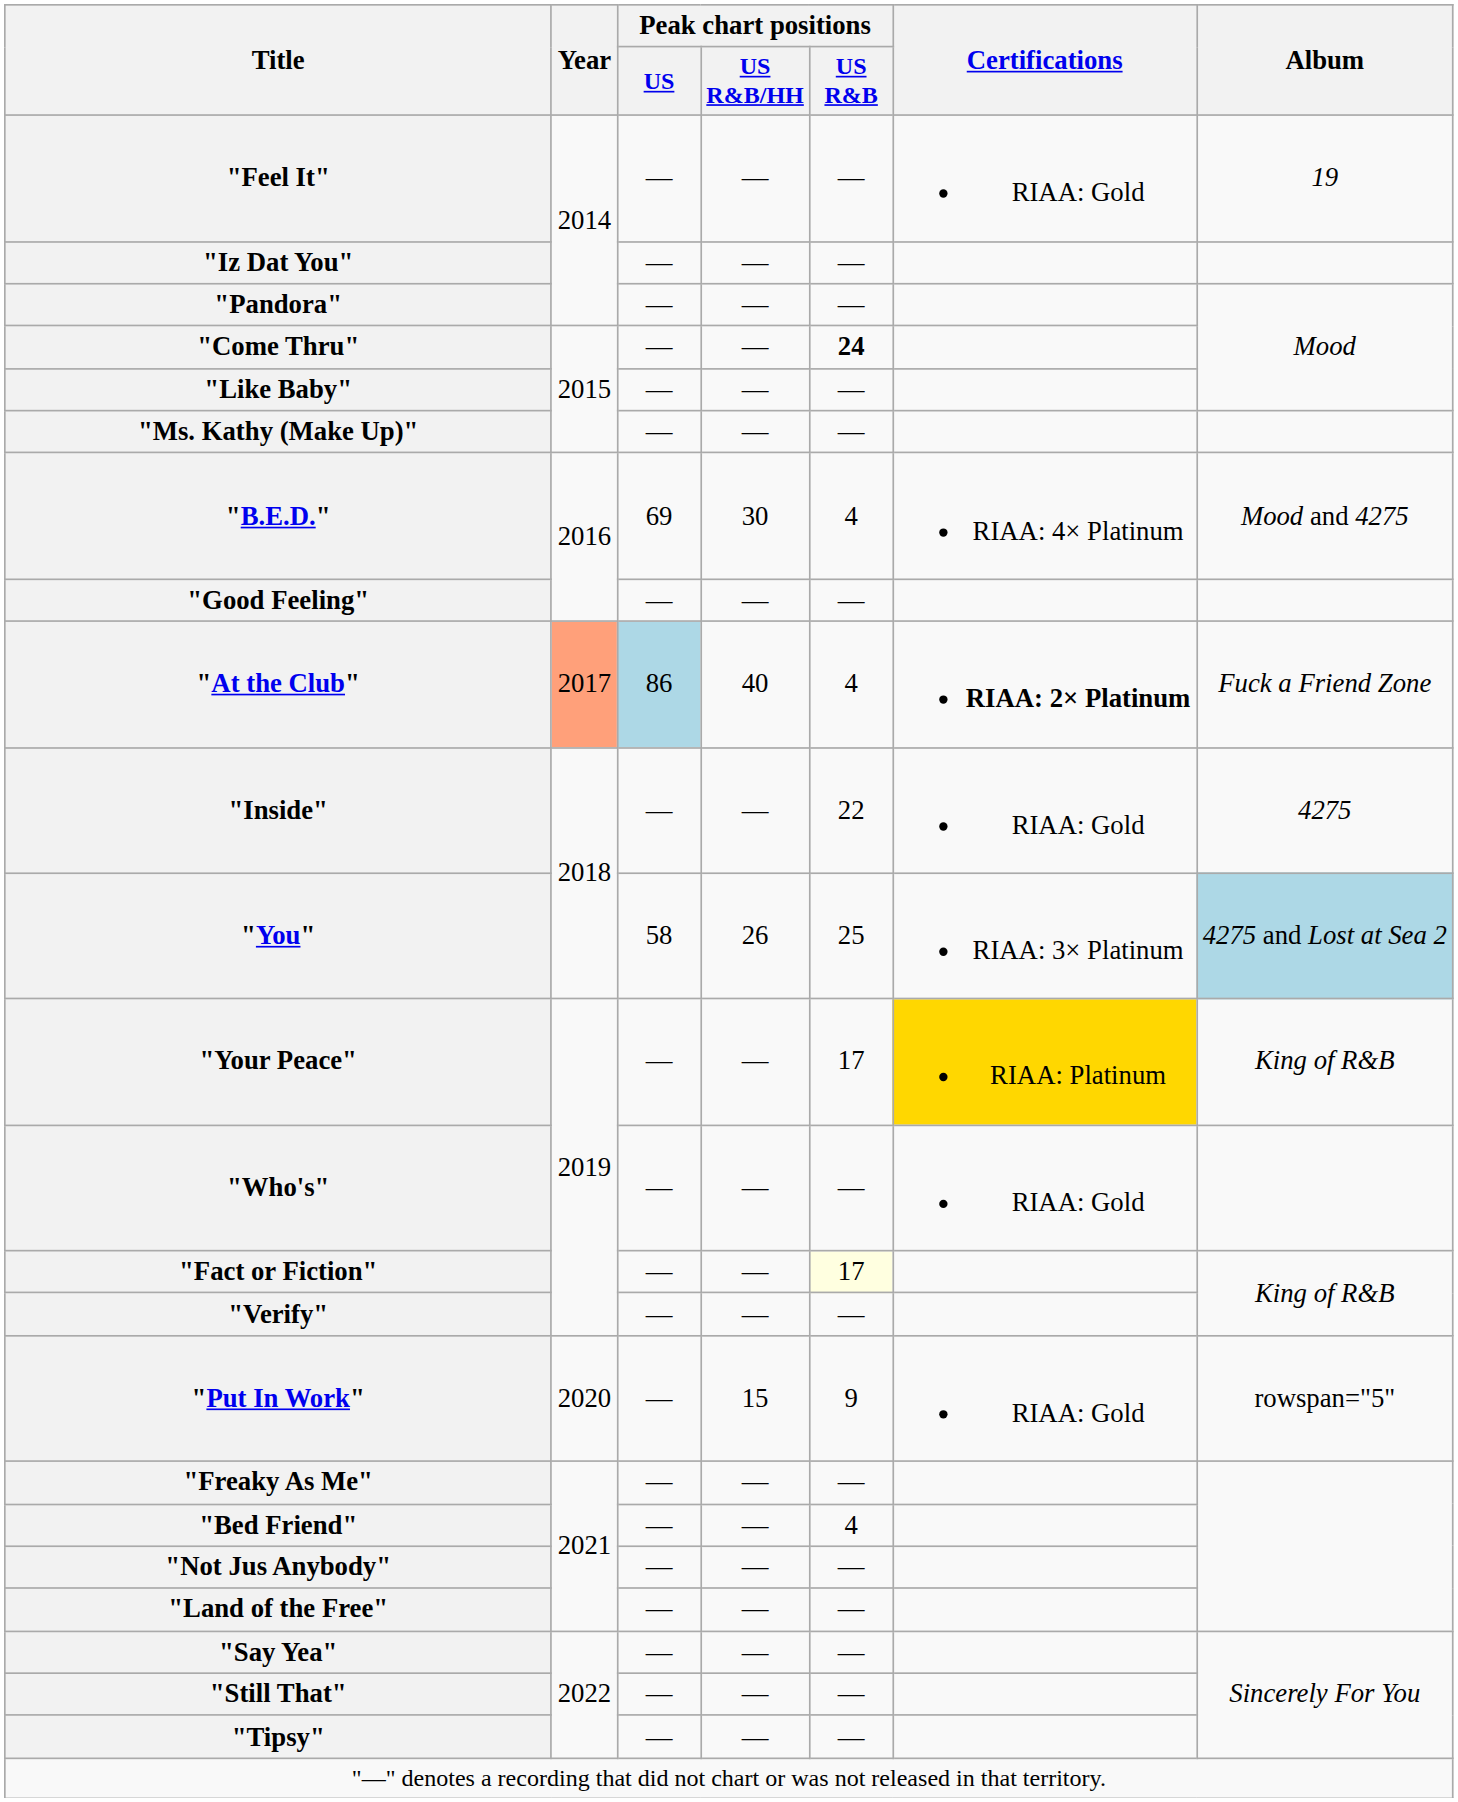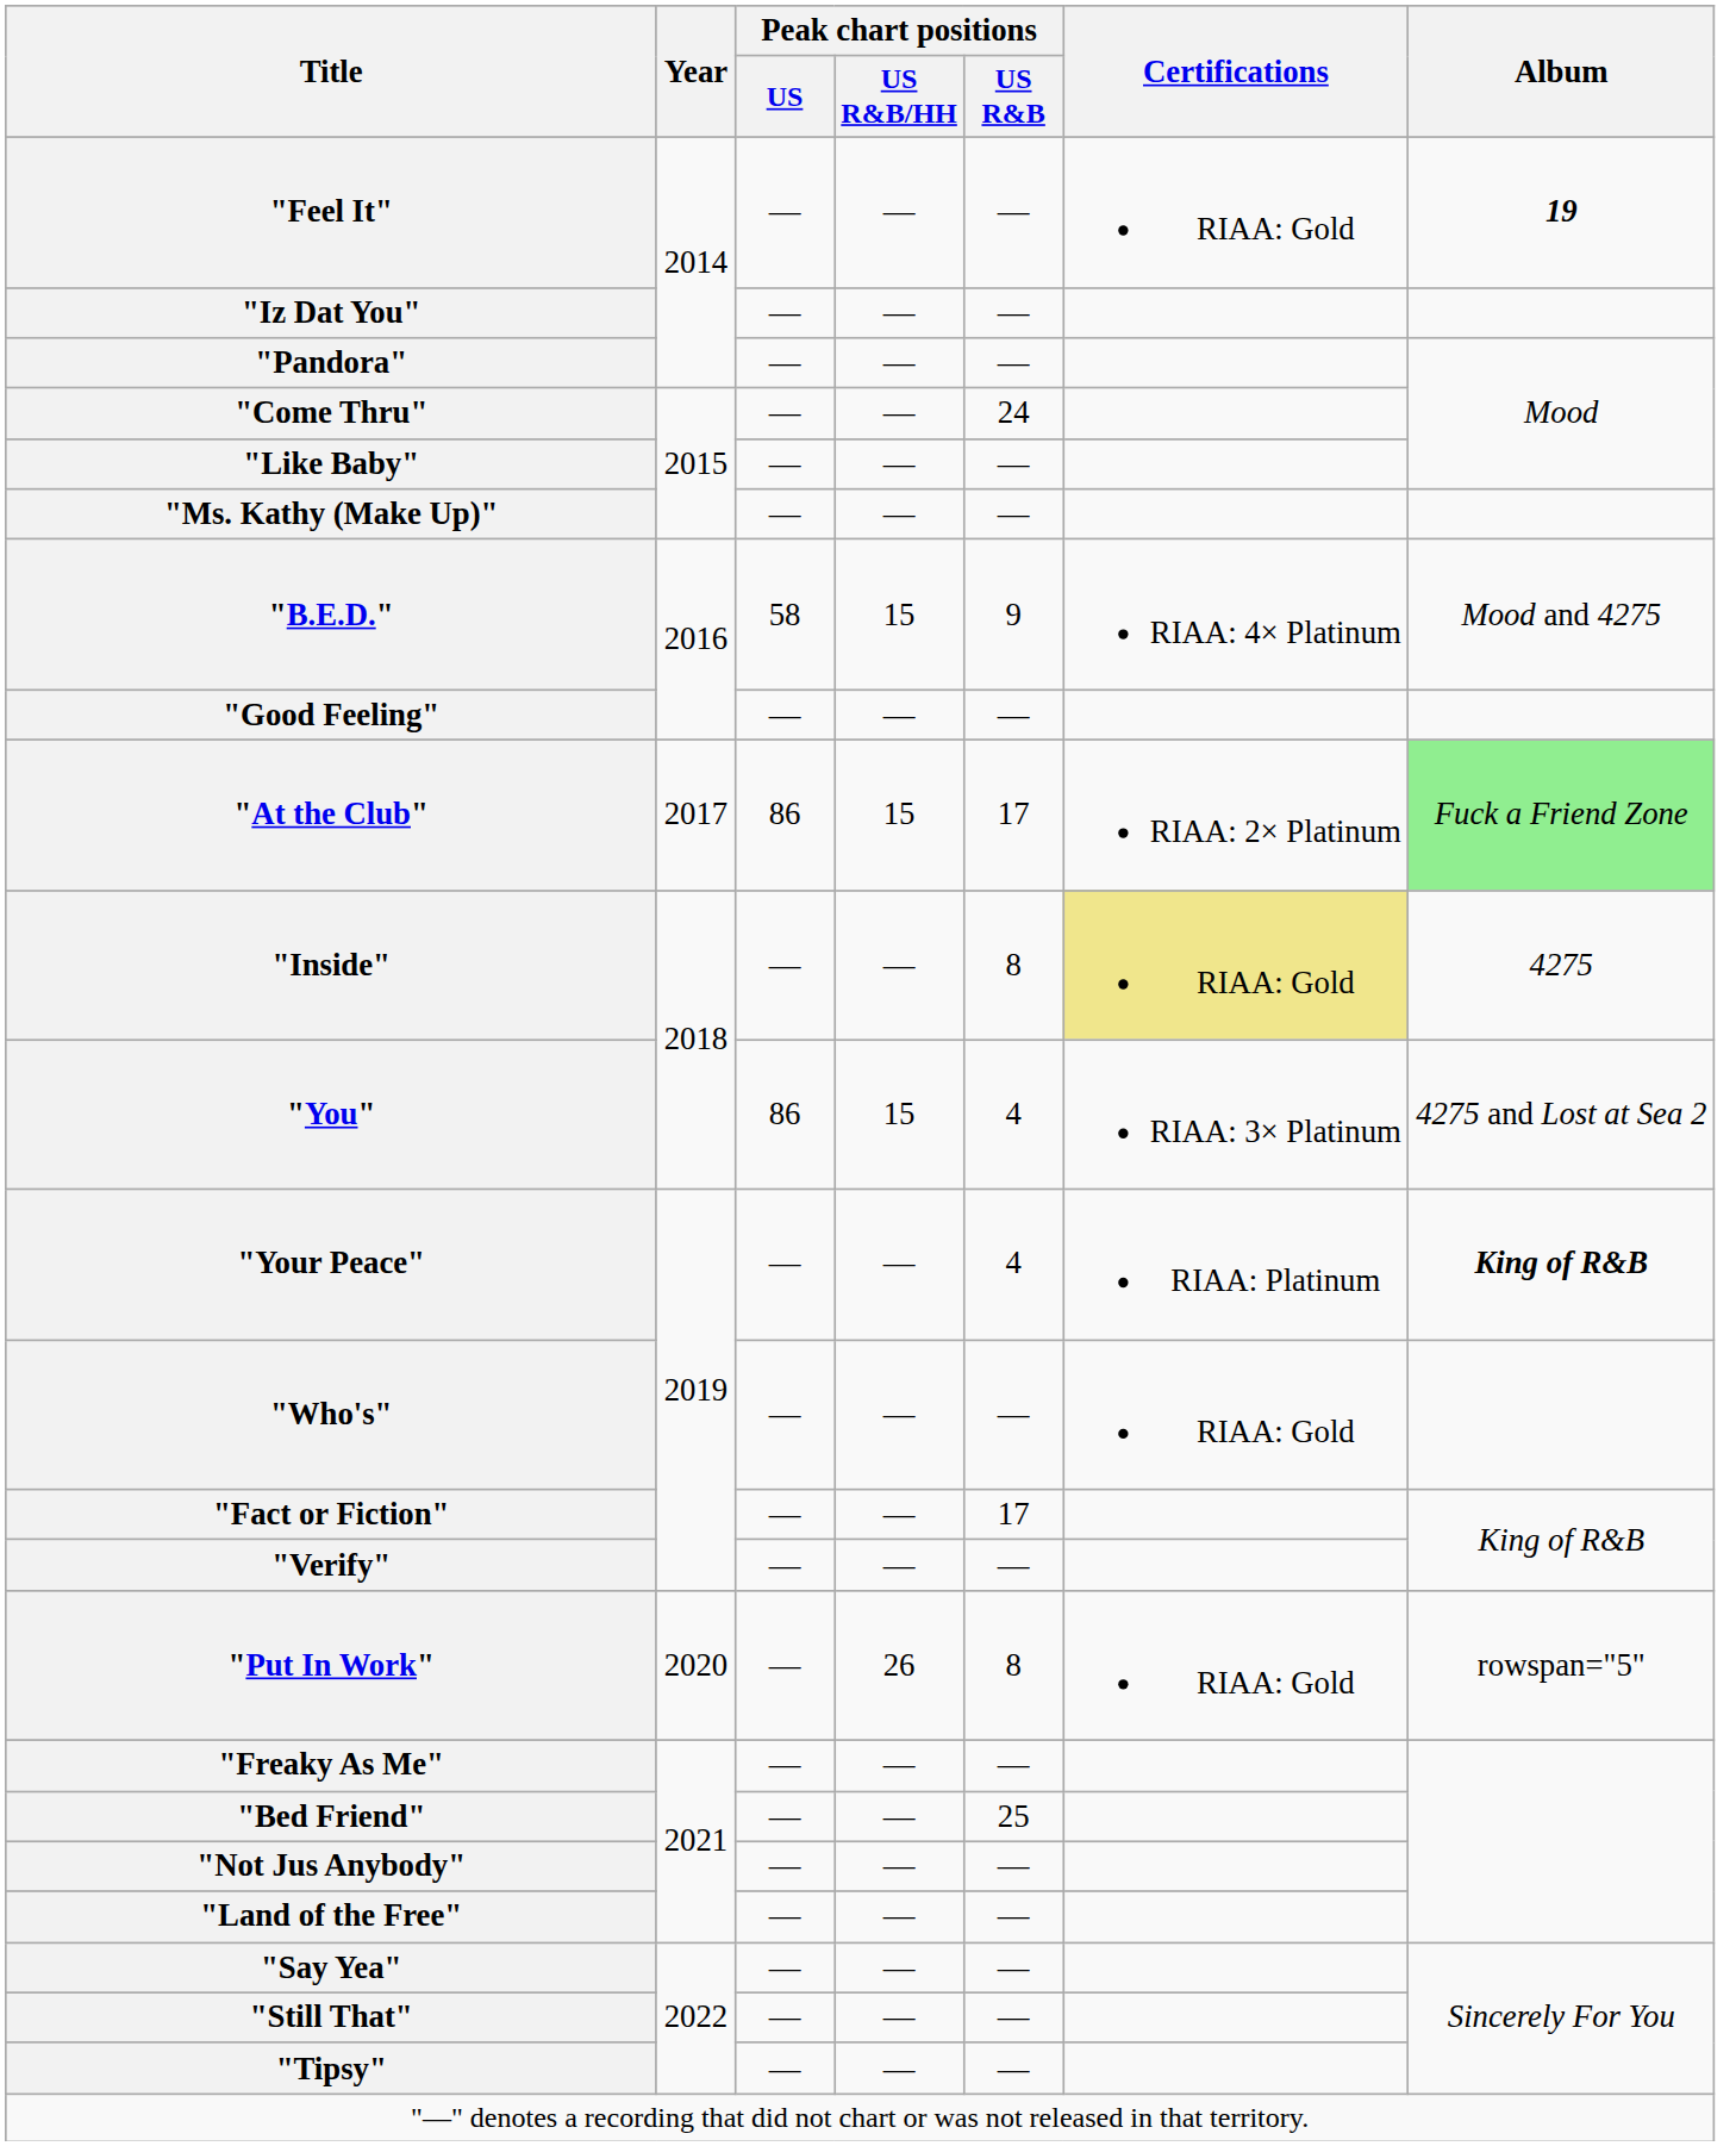 <table class="wikitable plainrowheaders" style="text-align:center;" border="1">
 <tr>
 <th scope="col" rowspan="2" style="width:20em;">Title</th>
 <th scope="col" rowspan="2" style="width:1em;">Year</th>
 <th scope="col" colspan="3">Peak chart positions</th>
 <th scope="col" rowspan="2"><a href='#'>Certifications</a></th>
 <th scope="col" rowspan="2">Album</th>
 </tr>
 <tr>
 <th scope="col" style="width:3em;font-size:90%;"><a href='#'>US</a><br></th>
 <th scope="col" style="width:3em;font-size:90%;"><a href='#'>US<br>R&B/HH</a><br></th>
 <th scope="col" style="width:3em;font-size:90%;"><a href='#'>US<br>R&B</a><br></th>
 </tr>
 <tr>
 <th scope="row">"Feel It"<br></th>
 <td rowspan="3">2014</td>
 <td>—</td>
 <td>—</td>
 <td>—</td>
 <td><br><ul><li>RIAA: Gold</li></ul></td>
-<td><em>19</em></td>
+<td><strong><em>19</em></strong></td>
 </tr>
 <tr>
 <th scope="row">"Iz Dat You"</th>
 <td>—</td>
 <td>—</td>
 <td>—</td>
 <td></td>
 <td></td>
 </tr>
 <tr>
 <th scope="row">"Pandora"</th>
 <td>—</td>
 <td>—</td>
 <td>—</td>
 <td></td>
 <td rowspan="3"><em>Mood</em></td>
 </tr>
 <tr>
 <th scope="row">"Come Thru"<br></th>
 <td rowspan="3">2015</td>
 <td>—</td>
 <td>—</td>
-<td><strong>24</strong></td>
+<td>24</td>
 <td></td>
 </tr>
 <tr>
 <th scope="row">"Like Baby"</th>
 <td>—</td>
 <td>—</td>
 <td>—</td>
 <td></td>
 </tr>
 <tr>
 <th scope="row">"Ms. Kathy (Make Up)"</th>
 <td>—</td>
 <td>—</td>
 <td>—</td>
 <td></td>
 <td></td>
 </tr>
 <tr>
 <th scope="row">"<a href='#'>B.E.D.</a>"</th>
 <td rowspan="2">2016</td>
-<td>69</td>
-<td>30</td>
-<td>4</td>
+<td>58</td>
+<td>15</td>
+<td>9</td>
 <td><br><ul><li>RIAA: 4× Platinum</li></ul></td>
 <td><em>Mood</em> and <em>4275</em></td>
 </tr>
 <tr>
 <th scope="row">"Good Feeling"</th>
 <td>—</td>
 <td>—</td>
 <td>—</td>
 <td></td>
 <td></td>
 </tr>
 <tr>
 <th scope="row">"<a href='#'>At the Club</a>"<br></th>
-<td style="background: lightsalmon;">2017</td>
-<td style="background: lightblue;">86</td>
-<td>40</td>
-<td>4</td>
-<td><strong><br><ul><li>RIAA: 2× Platinum</li></ul></strong></td>
-<td><em>Fuck a Friend Zone</em></td>
+<td>2017</td>
+<td>86</td>
+<td>15</td>
+<td>17</td>
+<td><br><ul><li>RIAA: 2× Platinum</li></ul></td>
+<td style="background: lightgreen;"><em>Fuck a Friend Zone</em></td>
 </tr>
 <tr>
 <th scope="row">"Inside"<br></th>
 <td rowspan="2">2018</td>
 <td>—</td>
 <td>—</td>
-<td>22</td>
-<td><br><ul><li>RIAA: Gold</li></ul></td>
+<td>8</td>
+<td style="background: khaki;"><br><ul><li>RIAA: Gold</li></ul></td>
 <td rowspan="1"><em>4275</em></td>
 </tr>
 <tr>
 <th scope="row">"<a href='#'>You</a>"</th>
-<td>58</td>
-<td>26</td>
-<td>25</td>
+<td>86</td>
+<td>15</td>
+<td>4</td>
 <td><br><ul><li>RIAA: 3× Platinum</li></ul></td>
-<td style="background: lightblue;"><em>4275</em> and <em>Lost at Sea 2</em></td>
+<td><em>4275</em> and <em>Lost at Sea 2</em></td>
 </tr>
 <tr>
 <th scope="row">"Your Peace"<br></th>
 <td rowspan="4">2019</td>
 <td>—</td>
 <td>—</td>
-<td>17</td>
-<td style="background: gold;"><br><ul><li>RIAA: Platinum</li></ul></td>
-<td><em>King of R&B</em></td>
+<td>4</td>
+<td><br><ul><li>RIAA: Platinum</li></ul></td>
+<td><strong><em>King of R&B</em></strong></td>
 </tr>
 <tr>
 <th scope="row">"Who's"</th>
 <td>—</td>
 <td>—</td>
 <td>—</td>
 <td><br><ul><li>RIAA: Gold</li></ul></td>
 <td></td>
 </tr>
 <tr>
 <th scope="row">"Fact or Fiction"</th>
 <td>—</td>
 <td>—</td>
-<td style="background: lightyellow;">17</td>
+<td>17</td>
 <td></td>
 <td rowspan="2"><em>King of R&B</em></td>
 </tr>
 <tr>
 <th scope="row">"Verify" <br></th>
 <td>—</td>
 <td>—</td>
 <td>—</td>
 <td></td>
 </tr>
 <tr>
 <th scope="row">"<a href='#'>Put In Work</a>"<br></th>
 <td>2020</td>
 <td>—</td>
-<td>15</td>
-<td>9</td>
+<td>26</td>
+<td>8</td>
 <td><br><ul><li>RIAA: Gold</li></ul></td>
 <td>rowspan="5" </td>
 </tr>
 <tr>
 <th scope="row">"Freaky As Me"<br></th>
 <td rowspan="4">2021</td>
 <td>—</td>
 <td>—</td>
 <td>—</td>
 <td></td>
 </tr>
 <tr>
 <th scope="row">"Bed Friend"<br></th>
 <td>—</td>
 <td>—</td>
-<td>4</td>
+<td>25</td>
 <td></td>
 </tr>
 <tr>
 <th scope="row">"Not Jus Anybody"<br></th>
 <td>—</td>
 <td>—</td>
 <td>—</td>
 <td></td>
 </tr>
 <tr>
 <th scope="row">"Land of the Free"<br></th>
 <td>—</td>
 <td>—</td>
 <td>—</td>
 <td></td>
 </tr>
 <tr>
 <th scope="row">"Say Yea"<br></th>
 <td rowspan="3">2022</td>
 <td>—</td>
 <td>—</td>
 <td>—</td>
 <td></td>
 <td rowspan="3"><em>Sincerely For You</em></td>
 </tr>
 <tr>
 <th scope="row">"Still That"<br></th>
 <td>—</td>
 <td>—</td>
 <td>—</td>
 <td></td>
 </tr>
 <tr>
 <th scope="row">"Tipsy"<br></th>
 <td>—</td>
 <td>—</td>
 <td>—</td>
 <td></td>
 </tr>
 <tr>
 <td colspan="13" style="font-size:90%">"—" denotes a recording that did not chart or was not released in that territory.</td>
 </tr>
 </table>
